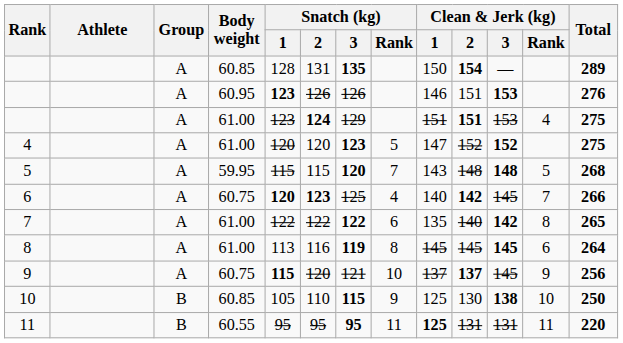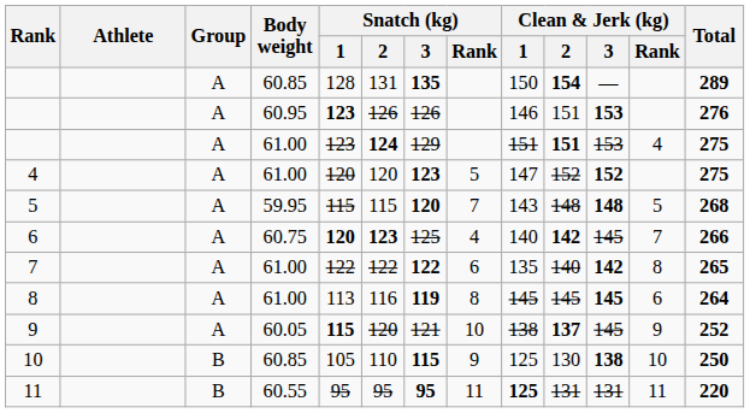 <table class = "wikitable" style="text-align:center;">
 <tr>
 <th rowspan=2 width=40>Rank</th>
 <th rowspan=2 width=250>Athlete</th>
 <th rowspan=2 width=50>Group</th>
 <th rowspan=2 width=60>Body weight</th>
 <th colspan=4>Snatch (kg)</th>
 <th colspan=4>Clean & Jerk (kg)</th>
 <th rowspan=2 width=60>Total</th>
 </tr>
 <tr>
 <th width=40>1</th>
 <th width=40>2</th>
 <th width=40>3</th>
 <th width=40>Rank</th>
 <th width=40>1</th>
 <th width=40>2</th>
 <th width=40>3</th>
 <th width=40>Rank</th>
 </tr>
 <tr>
 <td></td>
 <td align=left></td>
 <td>A</td>
 <td>60.85</td>
 <td>128</td>
 <td>131</td>
 <td><strong>135</strong></td>
 <td></td>
 <td>150</td>
 <td><strong>154</strong></td>
 <td>—</td>
 <td></td>
 <td><strong>289</strong></td>
 </tr>
 <tr>
 <td></td>
 <td align=left></td>
 <td>A</td>
 <td>60.95</td>
 <td><strong>123</strong></td>
 <td><s>126</s></td>
 <td><s>126</s></td>
 <td></td>
 <td>146</td>
 <td>151</td>
 <td><strong>153</strong></td>
 <td></td>
 <td><strong>276</strong></td>
 </tr>
 <tr>
 <td></td>
 <td align=left></td>
 <td>A</td>
 <td>61.00</td>
 <td><s>123</s></td>
 <td><strong>124</strong></td>
 <td><s>129</s></td>
 <td></td>
 <td><s>151</s></td>
 <td><strong>151</strong></td>
 <td><s>153</s></td>
 <td>4</td>
 <td><strong>275</strong></td>
 </tr>
 <tr>
 <td>4</td>
 <td align=left></td>
 <td>A</td>
 <td>61.00</td>
 <td><s>120</s></td>
 <td>120</td>
 <td><strong>123</strong></td>
 <td>5</td>
 <td>147</td>
 <td><s>152</s></td>
 <td><strong>152</strong></td>
 <td></td>
 <td><strong>275</strong></td>
 </tr>
 <tr>
 <td>5</td>
 <td align=left></td>
 <td>A</td>
 <td>59.95</td>
 <td><s>115</s></td>
 <td>115</td>
 <td><strong>120</strong></td>
 <td>7</td>
 <td>143</td>
 <td><s>148</s></td>
 <td><strong>148</strong></td>
 <td>5</td>
 <td><strong>268</strong></td>
 </tr>
 <tr>
 <td>6</td>
 <td align=left></td>
 <td>A</td>
 <td>60.75</td>
 <td><strong>120</strong></td>
 <td><strong>123</strong></td>
 <td><s>125</s></td>
 <td>4</td>
 <td>140</td>
 <td><strong>142</strong></td>
 <td><s>145</s></td>
 <td>7</td>
 <td><strong>266</strong></td>
 </tr>
 <tr>
 <td>7</td>
 <td align=left></td>
 <td>A</td>
 <td>61.00</td>
 <td><s>122</s></td>
 <td><s>122</s></td>
 <td><strong>122</strong></td>
 <td>6</td>
 <td>135</td>
 <td><s>140</s></td>
 <td><strong>142</strong></td>
 <td>8</td>
 <td><strong>265</strong></td>
 </tr>
 <tr>
 <td>8</td>
 <td align=left></td>
 <td>A</td>
 <td>61.00</td>
 <td>113</td>
 <td>116</td>
 <td><strong>119</strong></td>
 <td>8</td>
 <td><s>145</s></td>
 <td><s>145</s></td>
 <td><strong>145</strong></td>
 <td>6</td>
 <td><strong>264</strong></td>
 </tr>
 <tr>
 <td>9</td>
 <td align=left></td>
 <td>A</td>
-<td>60.75</td>
+<td>60.05</td>
 <td><strong>115</strong></td>
 <td><s>120</s></td>
 <td><s>121</s></td>
 <td>10</td>
-<td><s>137</s></td>
+<td><s>138</s></td>
 <td><strong>137</strong></td>
 <td><s>145</s></td>
 <td>9</td>
-<td><strong>256</strong></td>
+<td><strong>252</strong></td>
 </tr>
 <tr>
 <td>10</td>
 <td align=left></td>
 <td>B</td>
 <td>60.85</td>
 <td>105</td>
 <td>110</td>
 <td><strong>115</strong></td>
 <td>9</td>
 <td>125</td>
 <td>130</td>
 <td><strong>138</strong></td>
 <td>10</td>
 <td><strong>250</strong></td>
 </tr>
 <tr>
 <td>11</td>
 <td align=left></td>
 <td>B</td>
 <td>60.55</td>
 <td><s>95</s></td>
 <td><s>95</s></td>
 <td><strong>95</strong></td>
 <td>11</td>
 <td><strong>125</strong></td>
 <td><s>131</s></td>
 <td><s>131</s></td>
 <td>11</td>
 <td><strong>220</strong></td>
 </tr>
 </table>
